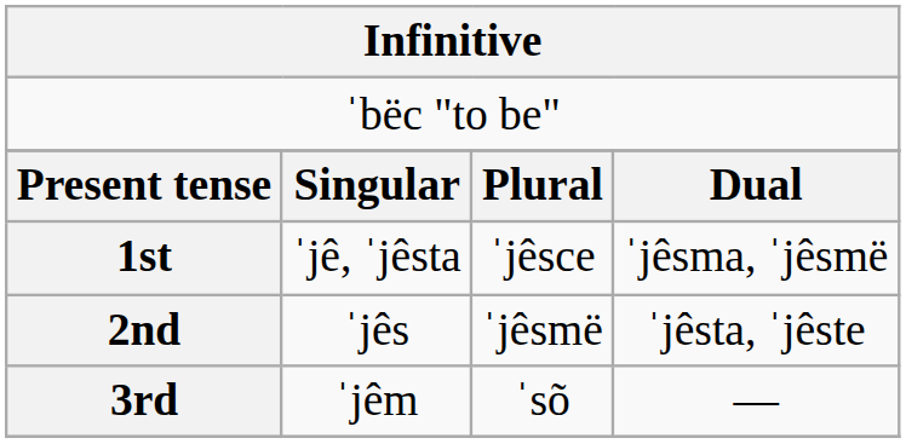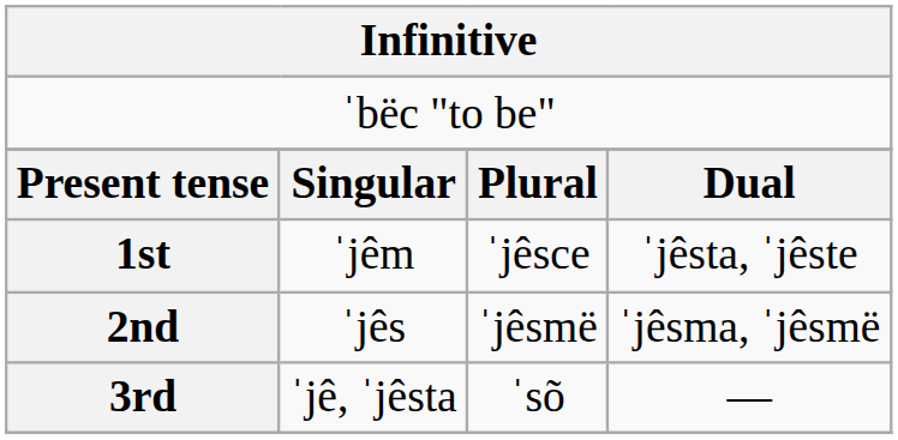 <table class="wikitable" style="text-align:center;">
 <tr>
 <th colspan="4">Infinitive</th>
 </tr>
 <tr>
 <td colspan="4">ˈbëc "to be"</td>
 </tr>
 <tr>
 </tr>
 <tr>
 <th>Present tense</th>
 <th>Singular</th>
 <th>Plural</th>
 <th>Dual</th>
 </tr>
 <tr>
 <th>1st</th>
-<td>ˈjê, ˈjêsta</td>
+<td>ˈjêm</td>
 <td>ˈjêsce</td>
-<td>ˈjêsma, ˈjêsmë</td>
+<td>ˈjêsta, ˈjêste</td>
 </tr>
 <tr>
 <th>2nd</th>
 <td>ˈjês</td>
 <td>ˈjêsmë</td>
-<td>ˈjêsta, ˈjêste</td>
+<td>ˈjêsma, ˈjêsmë</td>
 </tr>
 <tr>
 <th>3rd</th>
-<td>ˈjêm</td>
+<td>ˈjê, ˈjêsta</td>
 <td>ˈsõ</td>
 <td>—</td>
 </tr>
 <tr>
 </tr>
 </table>
